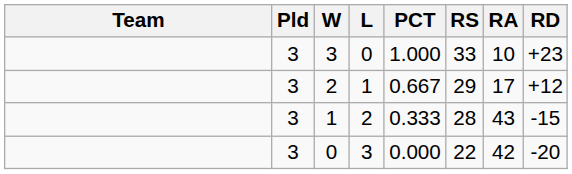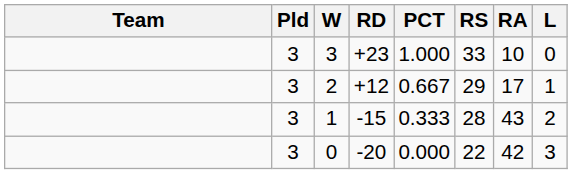 <table class=wikitable style="text-align:center">
 <tr>
 <th width=200>Team</th>
 <th width=20>Pld</th>
 <th width=20>W</th>
-<th width=20>L</th>
+<th width=20>RD</th>
 <th width=40>PCT</th>
 <th width=20>RS</th>
 <th width=20>RA</th>
-<th width=20>RD</th>
+<th width=20>L</th>
 </tr>
 <tr>
 <td align=left><strong></strong></td>
 <td>3</td>
 <td>3</td>
-<td>0</td>
+<td>+23</td>
 <td>1.000</td>
 <td>33</td>
 <td>10</td>
-<td>+23</td>
+<td>0</td>
 </tr>
 <tr>
 <td align=left><strong></strong></td>
 <td>3</td>
 <td>2</td>
-<td>1</td>
+<td>+12</td>
 <td>0.667</td>
 <td>29</td>
 <td>17</td>
-<td>+12</td>
+<td>1</td>
 </tr>
 <tr>
 <td align=left></td>
 <td>3</td>
 <td>1</td>
-<td>2</td>
+<td>-15</td>
 <td>0.333</td>
 <td>28</td>
 <td>43</td>
-<td>-15</td>
+<td>2</td>
 </tr>
 <tr>
 <td align=left></td>
 <td>3</td>
 <td>0</td>
-<td>3</td>
+<td>-20</td>
 <td>0.000</td>
 <td>22</td>
 <td>42</td>
-<td>-20</td>
+<td>3</td>
 </tr>
 </table>
